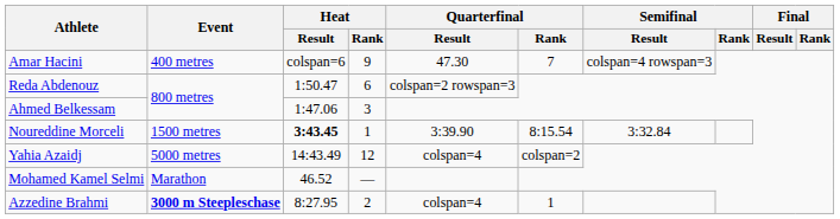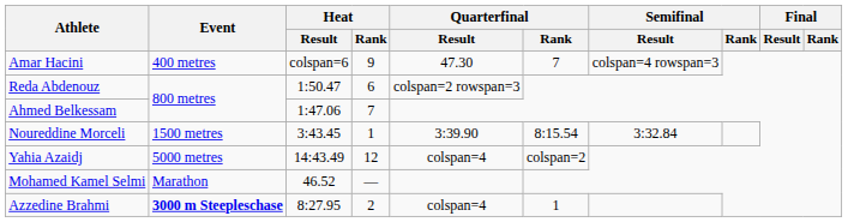 <table class=wikitable style=font-size:90%>
 <tr>
 <th rowspan=2>Athlete</th>
 <th rowspan=2>Event</th>
 <th colspan=2>Heat</th>
 <th colspan=2>Quarterfinal</th>
 <th colspan=2>Semifinal</th>
 <th colspan=2>Final</th>
 </tr>
 <tr style=font-size:95%>
 <th>Result</th>
 <th>Rank</th>
 <th>Result</th>
 <th>Rank</th>
 <th>Result</th>
 <th>Rank</th>
 <th>Result</th>
 <th>Rank</th>
 </tr>
 <tr align=center>
 <td align=left><a href='#'>Amar Hacini</a></td>
 <td align=left><a href='#'>400 metres</a></td>
 <td>colspan=6 </td>
 <td>9</td>
 <td>47.30</td>
 <td>7</td>
 <td>colspan=4 rowspan=3 </td>
 </tr>
 <tr align=center>
 <td align=left><a href='#'>Reda Abdenouz</a></td>
 <td align=left rowspan=2><a href='#'>800 metres</a></td>
 <td>1:50.47</td>
 <td>6</td>
 <td>colspan=2 rowspan=3 </td>
 </tr>
 <tr align=center>
 <td align=left><a href='#'>Ahmed Belkessam</a></td>
 <td>1:47.06</td>
-<td>3</td>
+<td>7</td>
 </tr>
 <tr align=center>
 <td align=left><a href='#'>Noureddine Morceli</a></td>
 <td align=left><a href='#'>1500 metres</a></td>
-<td><strong>3:43.45</strong></td>
+<td>3:43.45</td>
 <td>1</td>
 <td>3:39.90</td>
 <td>8:15.54</td>
 <td>3:32.84</td>
 <td></td>
 </tr>
 <tr align=center>
 <td align=left><a href='#'>Yahia Azaidj</a></td>
 <td align=left><a href='#'>5000 metres</a></td>
 <td>14:43.49</td>
 <td>12</td>
 <td>colspan=4 </td>
 <td>colspan=2 </td>
 </tr>
 <tr align=center>
 <td align=left><a href='#'>Mohamed Kamel Selmi</a></td>
 <td align=left><a href='#'>Marathon</a></td>
 <td>46.52</td>
 <td>—</td>
 <td></td>
 </tr>
 <tr align=center>
 <td align=left><a href='#'>Azzedine Brahmi</a></td>
 <td align=left><strong><a href='#'>3000 m Steepleschase</a></strong></td>
 <td>8:27.95</td>
 <td>2</td>
 <td>colspan=4 </td>
 <td>1</td>
 <td></td>
 </tr>
 </table>
